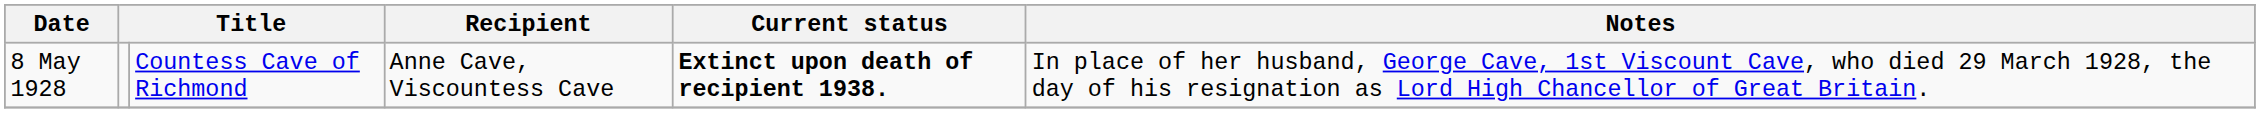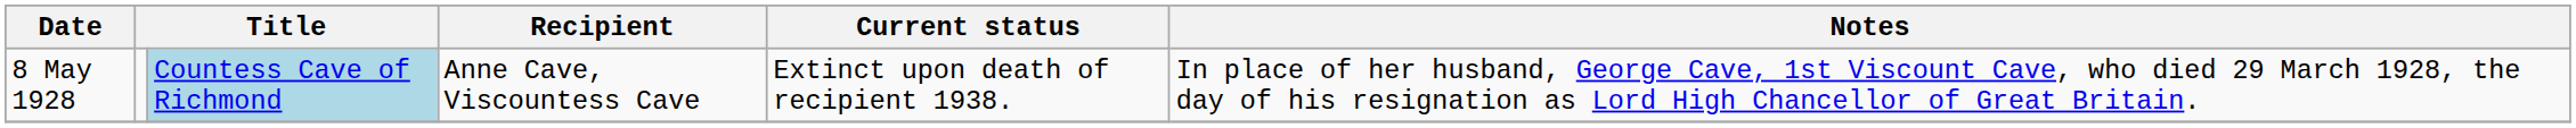 <table class="wikitable">
 <tr>
 <th>Date</th>
 <th colspan=2>Title</th>
 <th>Recipient</th>
 <th>Current status</th>
 <th>Notes</th>
 </tr>
 <tr>
 <td>8 May 1928</td>
 <td></td>
-<td><a href='#'>Countess Cave of Richmond</a></td>
+<td style="background: lightblue;"><a href='#'>Countess Cave of Richmond</a></td>
 <td>Anne Cave, Viscountess Cave</td>
-<td><strong>Extinct upon death of recipient 1938.</strong></td>
+<td>Extinct upon death of recipient 1938.</td>
 <td>In place of her husband, <a href='#'>George Cave, 1st Viscount Cave</a>, who died 29 March 1928, the day of his resignation as <a href='#'>Lord High Chancellor of Great Britain</a>.</td>
 </tr>
 <tr>
 </tr>
 </table>
